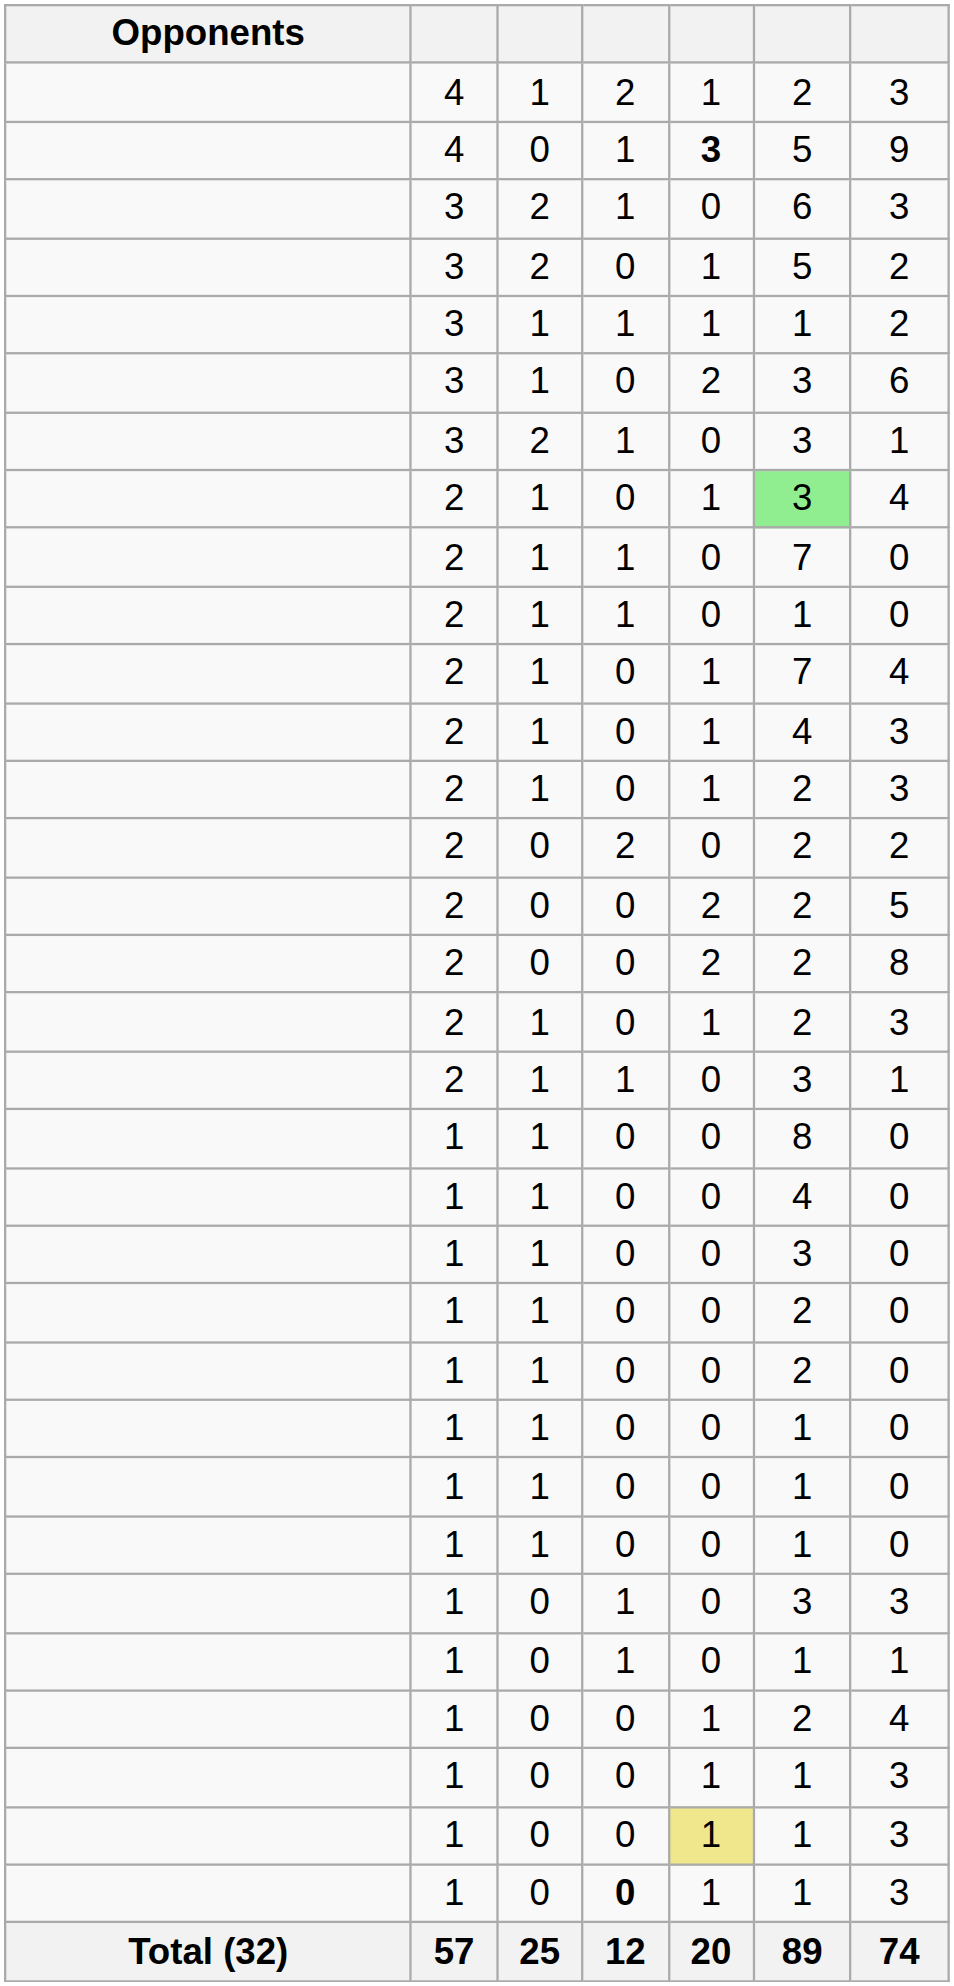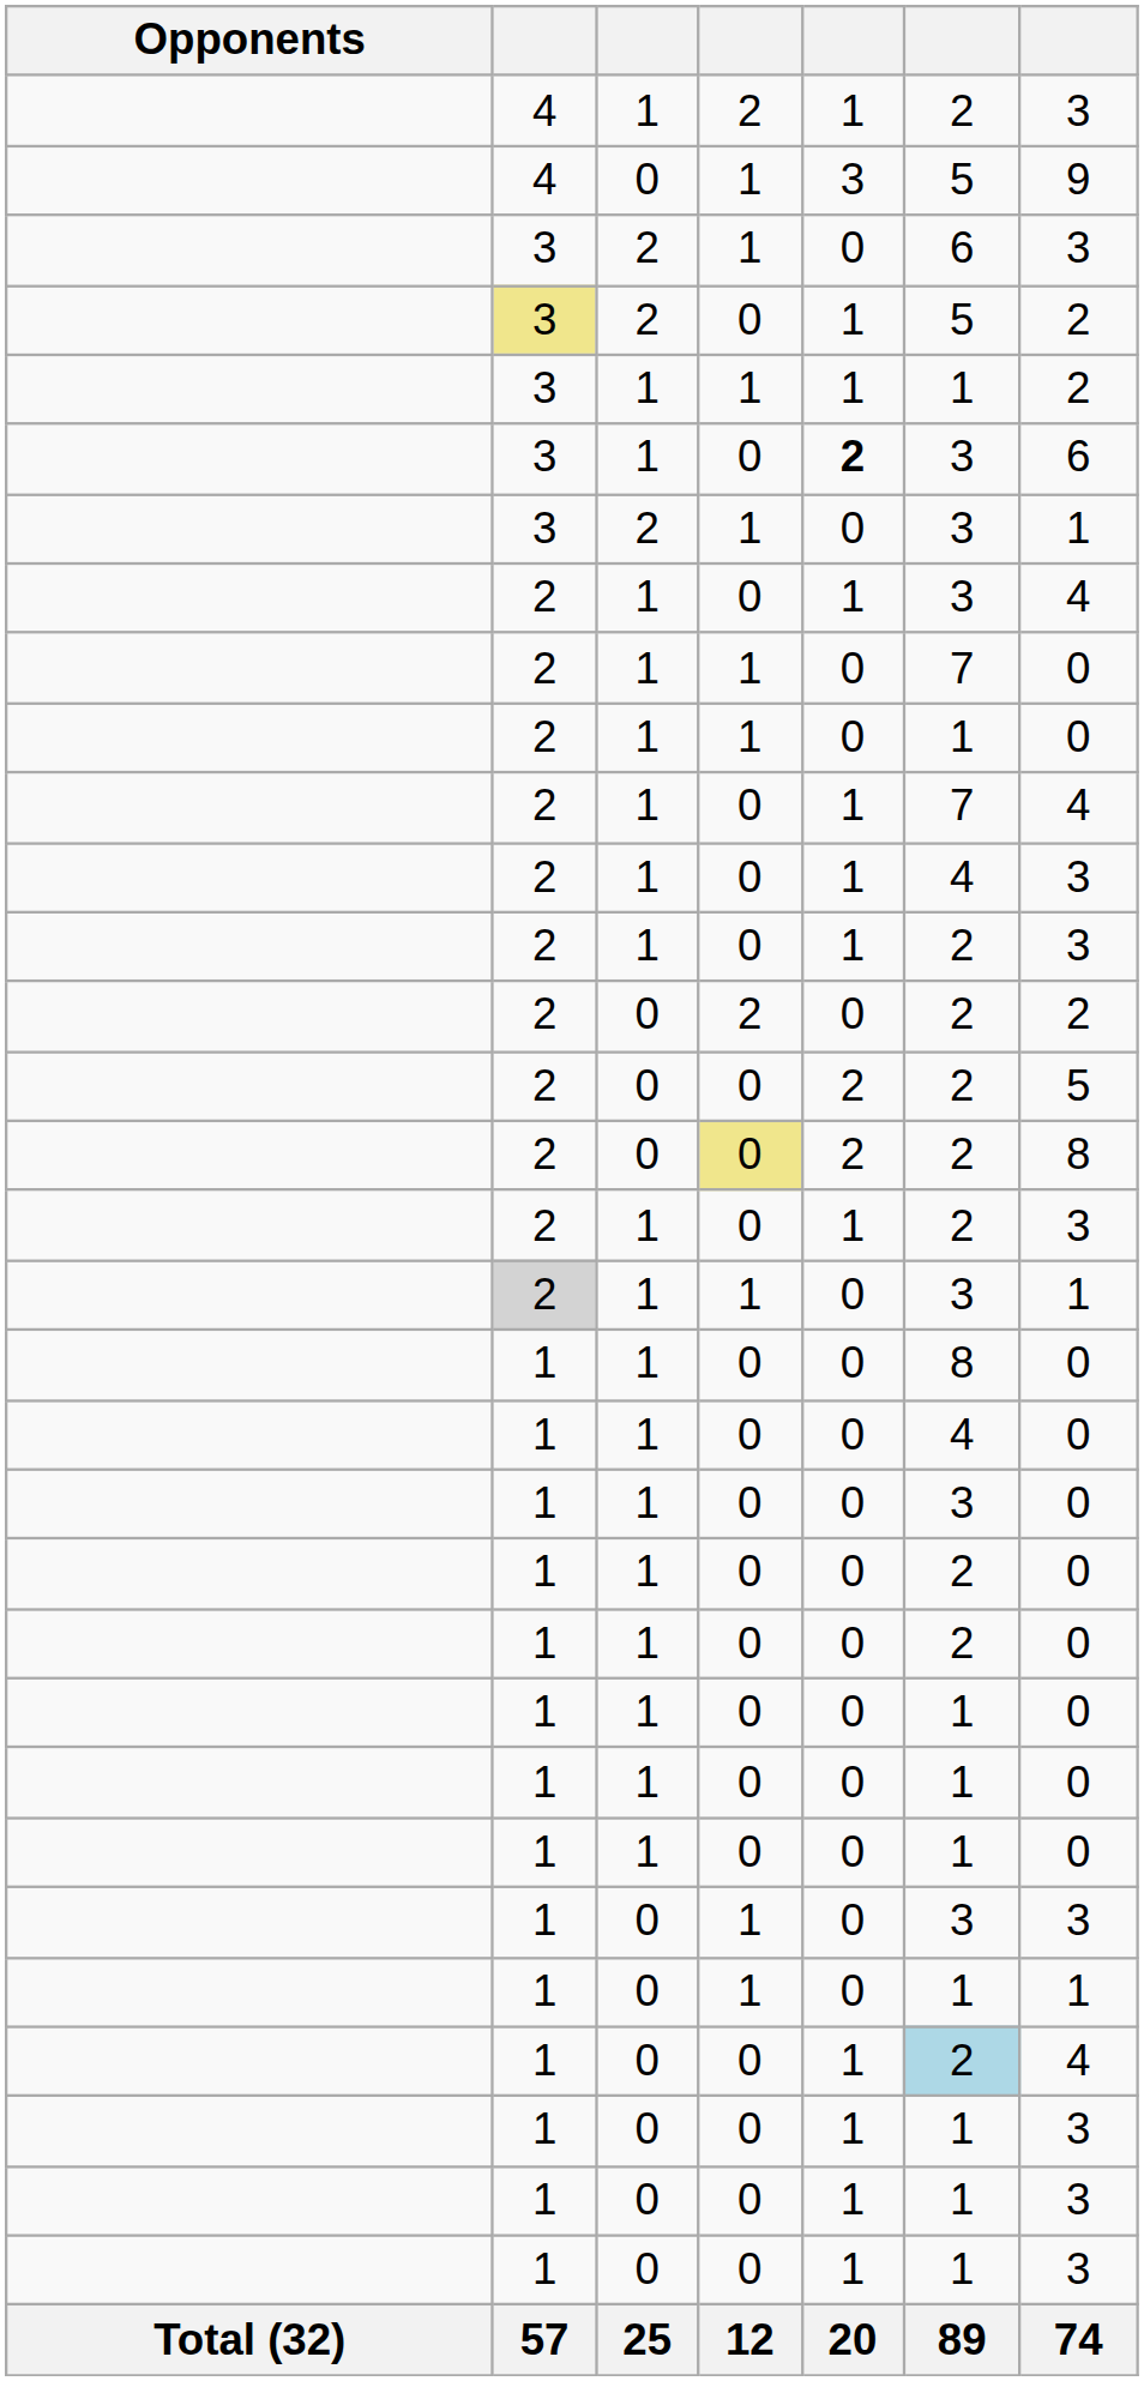 <table class="wikitable collapsible collapsed" style="text-align: center; font-size: 100%;">
 <tr style="color:black;">
 <th width=170>Opponents</th>
 <th width=30></th>
 <th width=30></th>
 <th width=30></th>
 <th width=30></th>
 <th width=35></th>
 <th width=35></th>
 </tr>
 <tr>
 <td align="left"></td>
 <td>4</td>
 <td>1</td>
 <td>2</td>
 <td>1</td>
 <td>2</td>
 <td>3</td>
 </tr>
 <tr>
 <td align="left"></td>
 <td>4</td>
 <td>0</td>
 <td>1</td>
-<td><strong>3</strong></td>
+<td>3</td>
 <td>5</td>
 <td>9</td>
 </tr>
 <tr>
 <td align="left"></td>
 <td>3</td>
 <td>2</td>
 <td>1</td>
 <td>0</td>
 <td>6</td>
 <td>3</td>
 </tr>
 <tr>
 <td align="left"></td>
-<td>3</td>
+<td style="background: khaki;">3</td>
 <td>2</td>
 <td>0</td>
 <td>1</td>
 <td>5</td>
 <td>2</td>
 </tr>
 <tr>
 <td align="left"></td>
 <td>3</td>
 <td>1</td>
 <td>1</td>
 <td>1</td>
 <td>1</td>
 <td>2</td>
 </tr>
 <tr>
 <td align="left"></td>
 <td>3</td>
 <td>1</td>
 <td>0</td>
-<td>2</td>
+<td><strong>2</strong></td>
 <td>3</td>
 <td>6</td>
 </tr>
 <tr>
 <td align="left"></td>
 <td>3</td>
 <td>2</td>
 <td>1</td>
 <td>0</td>
 <td>3</td>
 <td>1</td>
 </tr>
 <tr>
 <td align="left"></td>
 <td>2</td>
 <td>1</td>
 <td>0</td>
 <td>1</td>
-<td style="background: lightgreen;">3</td>
+<td>3</td>
 <td>4</td>
 </tr>
 <tr>
 <td align="left"></td>
 <td>2</td>
 <td>1</td>
 <td>1</td>
 <td>0</td>
 <td>7</td>
 <td>0</td>
 </tr>
 <tr>
 <td align="left"></td>
 <td>2</td>
 <td>1</td>
 <td>1</td>
 <td>0</td>
 <td>1</td>
 <td>0</td>
 </tr>
 <tr>
 <td align="left"></td>
 <td>2</td>
 <td>1</td>
 <td>0</td>
 <td>1</td>
 <td>7</td>
 <td>4</td>
 </tr>
 <tr>
 <td align="left"></td>
 <td>2</td>
 <td>1</td>
 <td>0</td>
 <td>1</td>
 <td>4</td>
 <td>3</td>
 </tr>
 <tr>
 <td align="left"></td>
 <td>2</td>
 <td>1</td>
 <td>0</td>
 <td>1</td>
 <td>2</td>
 <td>3</td>
 </tr>
 <tr>
 <td align="left"></td>
 <td>2</td>
 <td>0</td>
 <td>2</td>
 <td>0</td>
 <td>2</td>
 <td>2</td>
 </tr>
 <tr>
 <td align="left"></td>
 <td>2</td>
 <td>0</td>
 <td>0</td>
 <td>2</td>
 <td>2</td>
 <td>5</td>
 </tr>
 <tr>
 <td align="left"></td>
 <td>2</td>
 <td>0</td>
-<td>0</td>
+<td style="background: khaki;">0</td>
 <td>2</td>
 <td>2</td>
 <td>8</td>
 </tr>
 <tr>
 <td align="left"></td>
 <td>2</td>
 <td>1</td>
 <td>0</td>
 <td>1</td>
 <td>2</td>
 <td>3</td>
 </tr>
 <tr>
 <td align="left"></td>
-<td>2</td>
+<td style="background: lightgrey;">2</td>
 <td>1</td>
 <td>1</td>
 <td>0</td>
 <td>3</td>
 <td>1</td>
 </tr>
 <tr>
 <td align="left"></td>
 <td>1</td>
 <td>1</td>
 <td>0</td>
 <td>0</td>
 <td>8</td>
 <td>0</td>
 </tr>
 <tr>
 <td align="left"></td>
 <td>1</td>
 <td>1</td>
 <td>0</td>
 <td>0</td>
 <td>4</td>
 <td>0</td>
 </tr>
 <tr>
 <td align="left"></td>
 <td>1</td>
 <td>1</td>
 <td>0</td>
 <td>0</td>
 <td>3</td>
 <td>0</td>
 </tr>
 <tr>
 <td align="left"></td>
 <td>1</td>
 <td>1</td>
 <td>0</td>
 <td>0</td>
 <td>2</td>
 <td>0</td>
 </tr>
 <tr>
 <td align="left"></td>
 <td>1</td>
 <td>1</td>
 <td>0</td>
 <td>0</td>
 <td>2</td>
 <td>0</td>
 </tr>
 <tr>
 <td align="left"></td>
 <td>1</td>
 <td>1</td>
 <td>0</td>
 <td>0</td>
 <td>1</td>
 <td>0</td>
 </tr>
 <tr>
 <td align="left"></td>
 <td>1</td>
 <td>1</td>
 <td>0</td>
 <td>0</td>
 <td>1</td>
 <td>0</td>
 </tr>
 <tr>
 <td align="left"></td>
 <td>1</td>
 <td>1</td>
 <td>0</td>
 <td>0</td>
 <td>1</td>
 <td>0</td>
 </tr>
 <tr>
 <td align="left"></td>
 <td>1</td>
 <td>0</td>
 <td>1</td>
 <td>0</td>
 <td>3</td>
 <td>3</td>
 </tr>
 <tr>
 <td align="left"></td>
 <td>1</td>
 <td>0</td>
 <td>1</td>
 <td>0</td>
 <td>1</td>
 <td>1</td>
 </tr>
 <tr>
 <td align="left"></td>
 <td>1</td>
 <td>0</td>
 <td>0</td>
 <td>1</td>
-<td>2</td>
+<td style="background: lightblue;">2</td>
 <td>4</td>
 </tr>
 <tr>
 <td align="left"></td>
 <td>1</td>
 <td>0</td>
 <td>0</td>
 <td>1</td>
 <td>1</td>
 <td>3</td>
 </tr>
 <tr>
 <td align="left"></td>
 <td>1</td>
 <td>0</td>
 <td>0</td>
-<td style="background: khaki;">1</td>
+<td>1</td>
 <td>1</td>
 <td>3</td>
 </tr>
 <tr>
 <td align="left"></td>
 <td>1</td>
 <td>0</td>
-<td><strong>0</strong></td>
+<td>0</td>
 <td>1</td>
 <td>1</td>
 <td>3</td>
 </tr>
 <tr>
 <th>Total (32)</th>
 <th>57</th>
 <th>25</th>
 <th>12</th>
 <th>20</th>
 <th>89</th>
 <th>74</th>
 </tr>
 </table>
